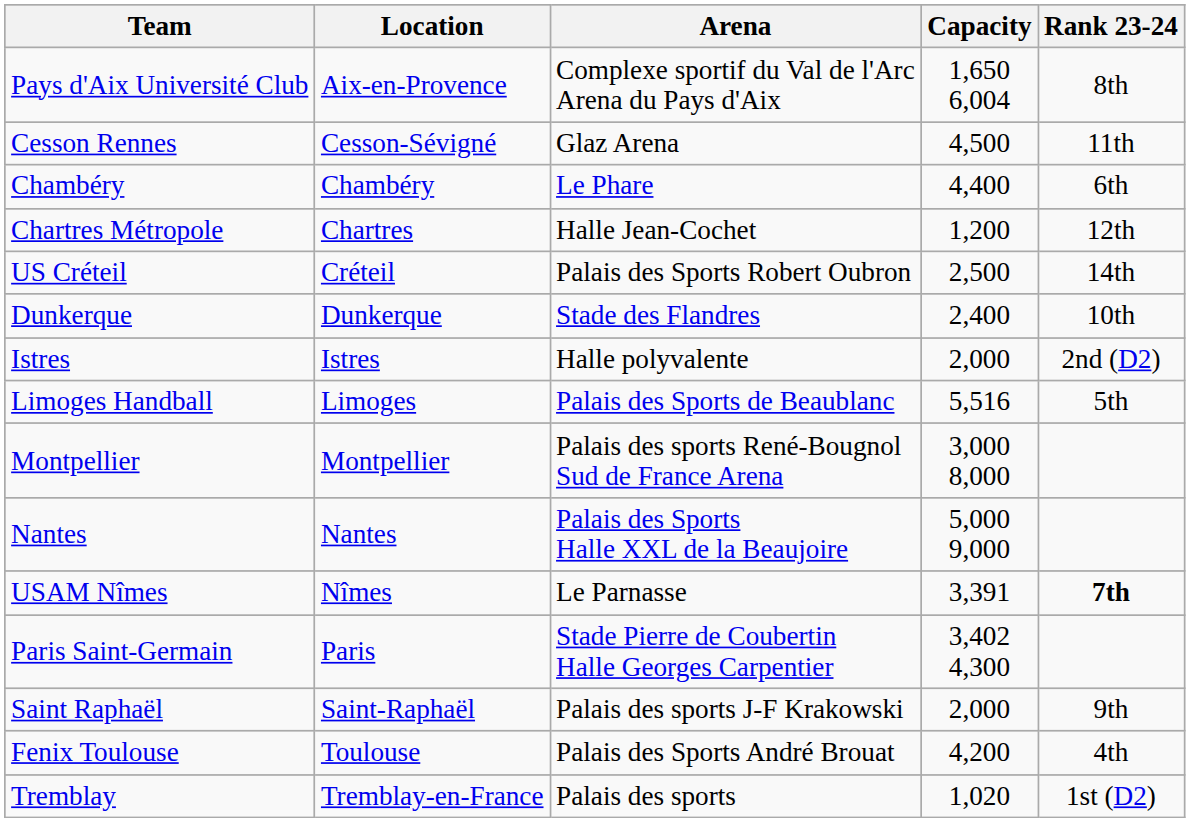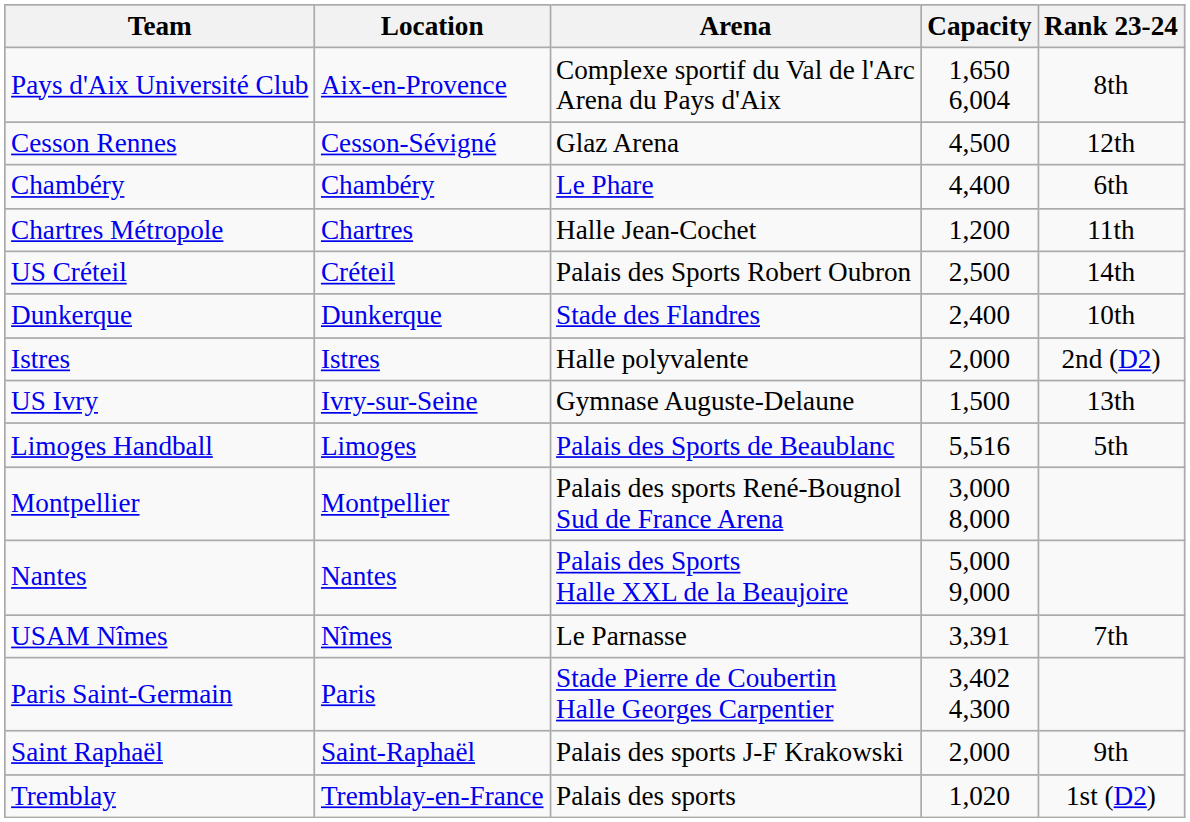 <table class="wikitable sortable" style="text-align: left;">
 <tr>
 <th>Team</th>
 <th>Location</th>
 <th>Arena</th>
 <th>Capacity</th>
 <th>Rank 23-24</th>
 </tr>
 <tr>
 <td><a href='#'>Pays d'Aix Université Club</a></td>
 <td><a href='#'>Aix-en-Provence</a></td>
 <td>Complexe sportif du Val de l'Arc<br>Arena du Pays d'Aix</td>
 <td align="center">1,650<br>6,004</td>
 <td align="center">8th</td>
 </tr>
 <tr>
 <td><a href='#'>Cesson Rennes</a></td>
 <td><a href='#'>Cesson-Sévigné</a></td>
 <td>Glaz Arena</td>
 <td align="center">4,500</td>
-<td align="center">11th</td>
+<td align="center">12th</td>
 </tr>
 <tr>
 <td><a href='#'>Chambéry</a></td>
 <td><a href='#'>Chambéry</a></td>
 <td><a href='#'>Le Phare</a></td>
 <td align="center">4,400</td>
 <td align="center">6th</td>
 </tr>
 <tr>
 <td><a href='#'>Chartres Métropole</a></td>
 <td><a href='#'>Chartres</a></td>
 <td>Halle Jean-Cochet</td>
 <td align="center">1,200</td>
-<td align="center">12th</td>
+<td align="center">11th</td>
 </tr>
 <tr>
 <td><a href='#'>US Créteil</a></td>
 <td><a href='#'>Créteil</a></td>
 <td>Palais des Sports Robert Oubron</td>
 <td align="center">2,500</td>
 <td align="center">14th</td>
 </tr>
 <tr>
 <td><a href='#'>Dunkerque</a></td>
 <td><a href='#'>Dunkerque</a></td>
 <td><a href='#'>Stade des Flandres</a></td>
 <td align="center">2,400</td>
 <td align="center">10th</td>
 </tr>
 <tr>
 <td><a href='#'>Istres</a></td>
 <td><a href='#'>Istres</a></td>
 <td>Halle polyvalente</td>
 <td align="center">2,000</td>
 <td align="center"> 2nd  (<a href='#'>D2</a>)</td>
+</tr>
+<tr>
+<td><a href='#'>US Ivry</a></td>
+<td><a href='#'>Ivry-sur-Seine</a></td>
+<td>Gymnase Auguste-Delaune</td>
+<td align="center">1,500</td>
+<td align="center">13th</td>
 </tr>
 <tr>
 <td><a href='#'>Limoges Handball</a></td>
 <td><a href='#'>Limoges</a></td>
 <td><a href='#'>Palais des Sports de Beaublanc</a></td>
 <td align="center">5,516</td>
 <td align="center">5th</td>
 </tr>
 <tr>
 <td><a href='#'>Montpellier</a></td>
 <td><a href='#'>Montpellier</a></td>
 <td>Palais des sports René-Bougnol<br><a href='#'>Sud de France Arena</a></td>
 <td align="center">3,000 <br> 8,000</td>
 <td align="center"></td>
 </tr>
 <tr>
 <td><a href='#'>Nantes</a></td>
 <td><a href='#'>Nantes</a></td>
 <td><a href='#'>Palais des Sports</a><br><a href='#'>Halle XXL de la Beaujoire</a></td>
 <td align="center">5,000 <br> 9,000</td>
 <td align="center"></td>
 </tr>
 <tr>
 <td><a href='#'>USAM Nîmes</a></td>
 <td><a href='#'>Nîmes</a></td>
 <td>Le Parnasse</td>
 <td align="center">3,391</td>
-<td align="center"><strong>7th</strong></td>
+<td align="center">7th</td>
 </tr>
 <tr>
 <td><a href='#'>Paris Saint-Germain</a></td>
 <td><a href='#'>Paris</a></td>
 <td><a href='#'>Stade Pierre de Coubertin</a><br><a href='#'>Halle Georges Carpentier</a></td>
 <td align="center">3,402 <br> 4,300</td>
 <td align="center"></td>
 </tr>
 <tr>
 <td><a href='#'>Saint Raphaël</a></td>
 <td><a href='#'>Saint-Raphaël</a></td>
 <td>Palais des sports J-F Krakowski</td>
 <td align="center">2,000</td>
 <td align="center">9th</td>
 </tr>
 <tr>
-<td><a href='#'>Fenix Toulouse</a></td>
-<td><a href='#'>Toulouse</a></td>
-<td>Palais des Sports André Brouat</td>
-<td align="center">4,200</td>
-<td align="center">4th</td>
-</tr>
-<tr>
 <td><a href='#'>Tremblay</a></td>
 <td><a href='#'>Tremblay-en-France</a></td>
 <td>Palais des sports</td>
 <td align="center">1,020</td>
 <td align="center"> 1st  (<a href='#'>D2</a>)</td>
 </tr>
 </table>
